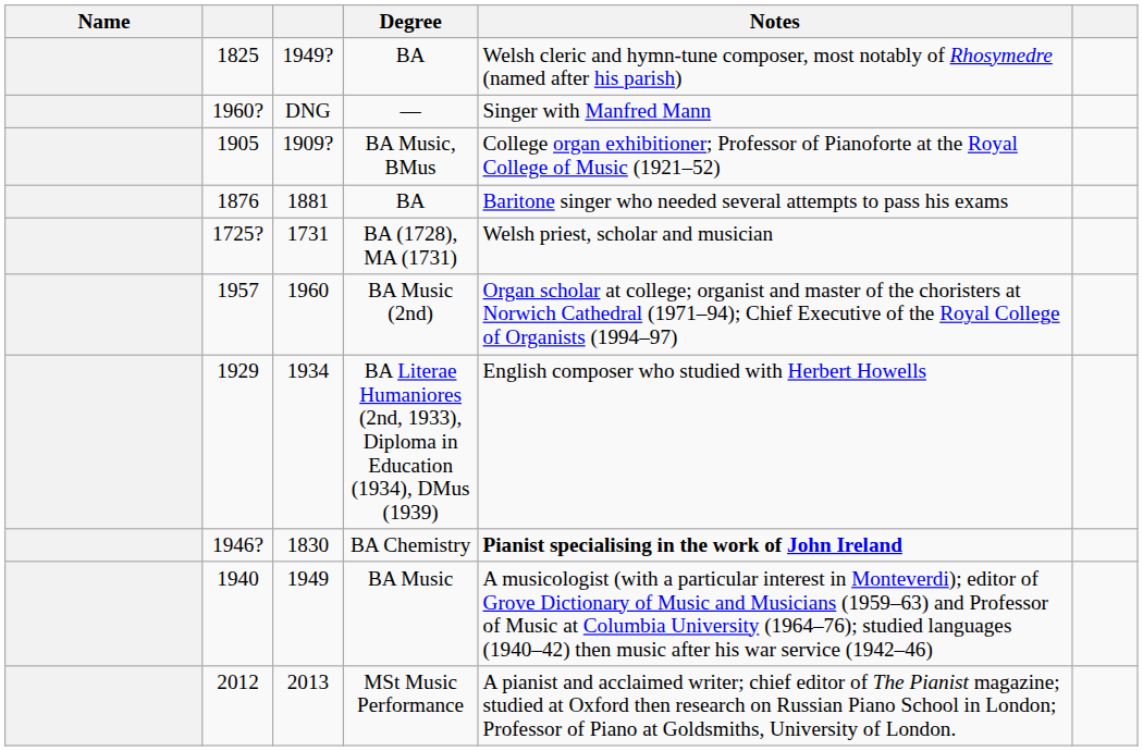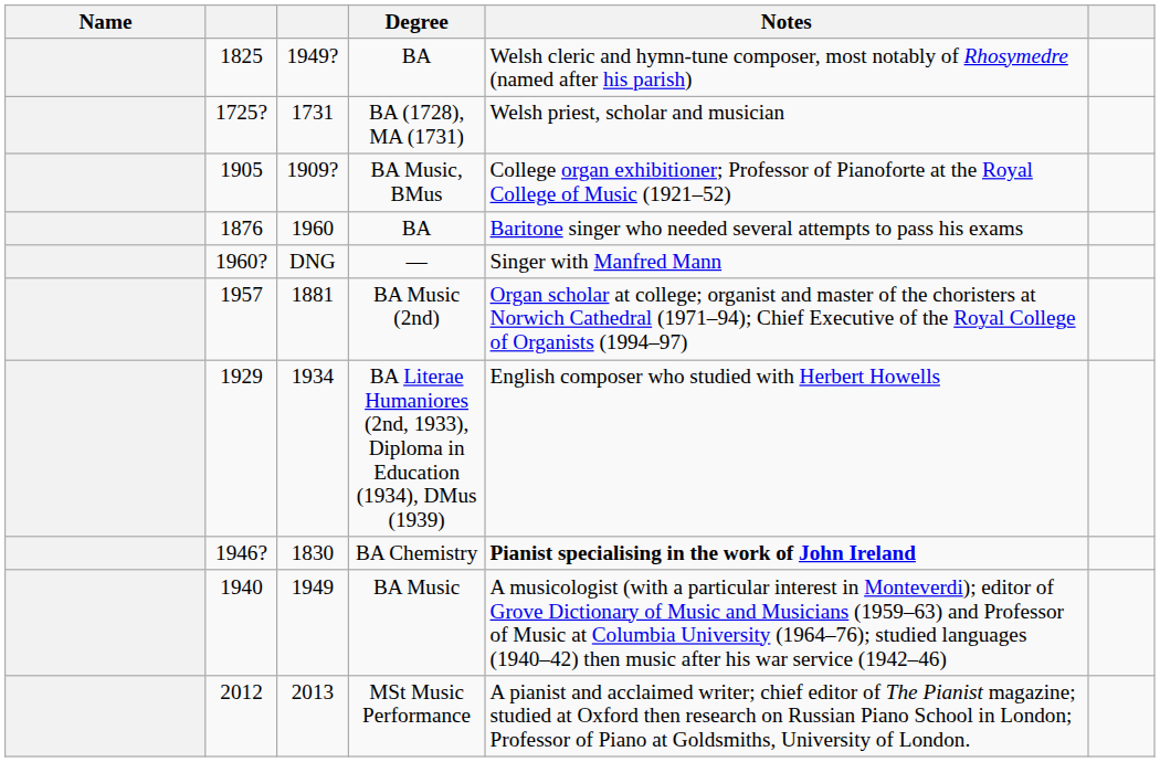 <table class="wikitable sortable">
 <tr>
 <th scope="col" width="15%">Name</th>
 <th scope="col" width="5%"></th>
 <th scope="col" width="5%"></th>
 <th scope="col" width="10%" class="unsortable">Degree</th>
 <th scope="col" width="45%" class="unsortable">Notes</th>
 <th scope="col" width="5%" class="unsortable"></th>
 </tr>
 <tr valign="top">
 <th scope="row"></th>
 <td align="center">1825</td>
 <td align="center"><span>1949</span>?</td>
 <td align="center">BA</td>
 <td>Welsh cleric and hymn-tune composer, most notably of <em><a href='#'>Rhosymedre</a></em> (named after <a href='#'>his parish</a>)</td>
 <td align="center"></td>
 </tr>
 <tr valign="top">
 <th scope="row"></th>
-<td align="center"><span>1960</span>?</td>
-<td align="center">DNG</td>
-<td align="center">—</td>
-<td>Singer with <a href='#'>Manfred Mann</a></td>
+<td align="center"><span>1725</span>?</td>
+<td align="center">1731</td>
+<td align="center">BA (1728), MA (1731)</td>
+<td>Welsh priest, scholar and musician</td>
 <td align="center"></td>
 </tr>
 <tr valign="top">
 <th scope="row"></th>
 <td align="center">1905</td>
 <td align="center"><span>1909</span>?</td>
 <td align="center">BA Music, BMus</td>
 <td>College <a href='#'>organ exhibitioner</a>; Professor of Pianoforte at the <a href='#'>Royal College of Music</a> (1921–52)</td>
 <td align="center"></td>
 </tr>
 <tr valign="top">
 <th scope="row"></th>
 <td align="center">1876</td>
-<td align="center">1881</td>
+<td align="center">1960</td>
 <td align="center">BA</td>
 <td><a href='#'>Baritone</a> singer who needed several attempts to pass his exams</td>
 <td align="center"></td>
 </tr>
 <tr valign="top">
 <th scope="row"></th>
-<td align="center"><span>1725</span>?</td>
-<td align="center">1731</td>
-<td align="center">BA (1728), MA (1731)</td>
-<td>Welsh priest, scholar and musician</td>
+<td align="center"><span>1960</span>?</td>
+<td align="center">DNG</td>
+<td align="center">—</td>
+<td>Singer with <a href='#'>Manfred Mann</a></td>
 <td align="center"></td>
 </tr>
 <tr valign="top">
 <th scope="row"></th>
 <td align="center">1957</td>
-<td align="center">1960</td>
+<td align="center">1881</td>
 <td align="center">BA Music (2nd)</td>
 <td><a href='#'>Organ scholar</a> at college; organist and master of the choristers at <a href='#'>Norwich Cathedral</a> (1971–94); Chief Executive of the <a href='#'>Royal College of Organists</a> (1994–97)</td>
 <td align="center"></td>
 </tr>
 <tr valign="top">
 <th scope="row"></th>
 <td align="center">1929</td>
 <td align="center">1934</td>
 <td align="center">BA <a href='#'>Literae Humaniores</a> (2nd, 1933), Diploma in Education (1934), DMus (1939)</td>
 <td>English composer who studied with <a href='#'>Herbert Howells</a></td>
 <td align="center"></td>
 </tr>
 <tr valign="top">
 <th scope="row"></th>
 <td align="center"><span>1946</span>?</td>
 <td align="center">1830</td>
 <td align="center">BA Chemistry</td>
 <td><strong>Pianist specialising in the work of <a href='#'>John Ireland</a></strong></td>
 <td align="center"></td>
 </tr>
 <tr valign="top">
 <th scope="row"></th>
 <td align="center">1940</td>
 <td align="center">1949</td>
 <td align="center">BA Music</td>
 <td>A musicologist (with a particular interest in <a href='#'>Monteverdi</a>); editor of <a href='#'>Grove Dictionary of Music and Musicians</a> (1959–63) and Professor of Music at <a href='#'>Columbia University</a> (1964–76); studied languages (1940–42) then music after his war service (1942–46)</td>
 <td align="center"></td>
 </tr>
 <tr valign="top">
 <th scope="row"></th>
 <td align="center">2012</td>
 <td align="center">2013</td>
 <td align="center">MSt Music Performance</td>
 <td>A pianist and acclaimed writer; chief editor of <em>The Pianist</em> magazine; studied at Oxford then research on Russian Piano School in London; Professor of Piano at Goldsmiths, University of London.</td>
 <td align="center"></td>
 </tr>
 </table>
